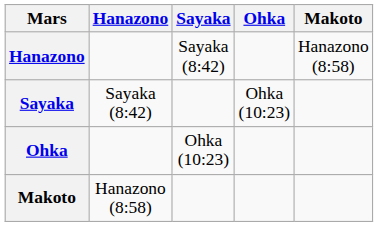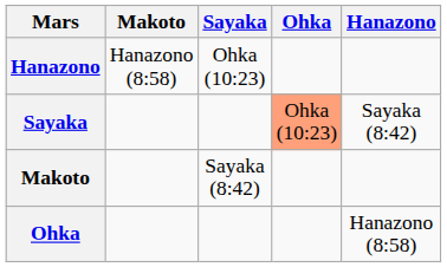 <table class="wikitable" style="text-align:center; margin: 1em auto 1em auto">
 <tr>
 <th>Mars</th>
-<th><a href='#'>Hanazono</a></th>
+<th>Makoto</th>
 <th><a href='#'>Sayaka</a></th>
 <th><a href='#'>Ohka</a></th>
-<th>Makoto</th>
+<th><a href='#'>Hanazono</a></th>
 </tr>
 <tr>
 <th><a href='#'>Hanazono</a></th>
+<td>Hanazono<br>(8:58)</td>
+<td>Ohka<br>(10:23)</td>
+<td></td>
+<td></td>
+</tr>
+<tr>
+<th><a href='#'>Sayaka</a></th>
+<td></td>
+<td></td>
+<td style="background: lightsalmon;">Ohka<br>(10:23)</td>
+<td>Sayaka<br>(8:42)</td>
+</tr>
+<tr>
+<th>Makoto</th>
 <td></td>
 <td>Sayaka<br>(8:42)</td>
 <td></td>
-<td>Hanazono<br>(8:58)</td>
-</tr>
-<tr>
-<th><a href='#'>Sayaka</a></th>
-<td>Sayaka<br>(8:42)</td>
-<td></td>
-<td>Ohka<br>(10:23)</td>
 <td></td>
 </tr>
 <tr>
 <th><a href='#'>Ohka</a></th>
 <td></td>
-<td>Ohka<br>(10:23)</td>
 <td></td>
 <td></td>
-</tr>
-<tr>
-<th>Makoto</th>
 <td>Hanazono<br>(8:58)</td>
-<td></td>
-<td></td>
-<td></td>
 </tr>
 </table>
